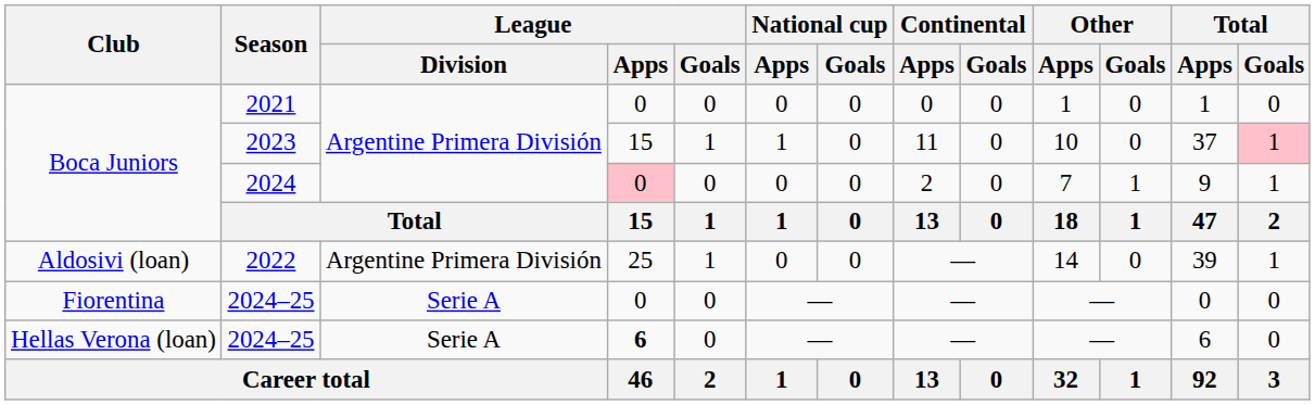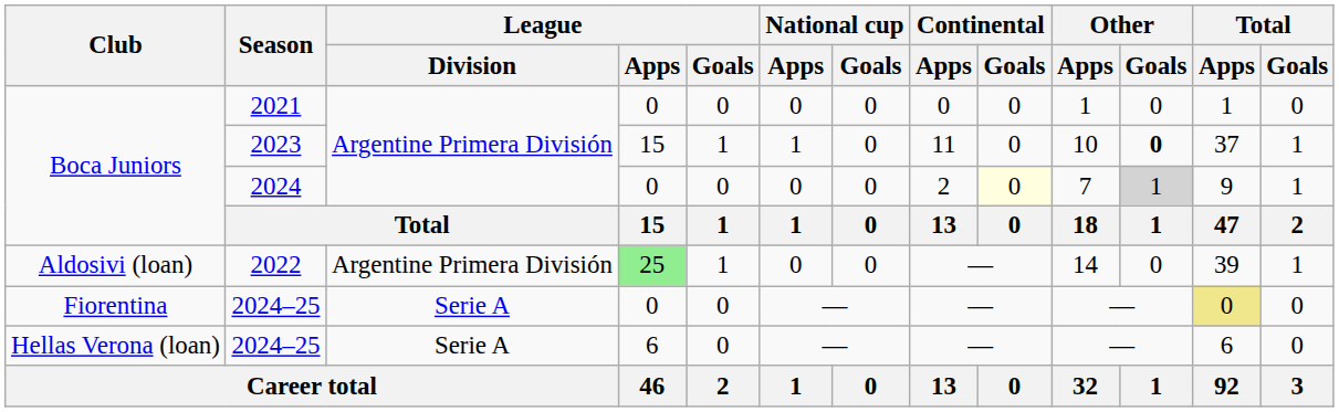 <table class="wikitable" style="text-align: center">
 <tr>
 <th rowspan="2">Club</th>
 <th rowspan="2">Season</th>
 <th colspan="3">League</th>
 <th colspan="2">National cup</th>
 <th colspan="2">Continental</th>
 <th colspan="2">Other</th>
 <th colspan="2">Total</th>
 </tr>
 <tr>
 <th>Division</th>
 <th>Apps</th>
 <th>Goals</th>
 <th>Apps</th>
 <th>Goals</th>
 <th>Apps</th>
 <th>Goals</th>
 <th>Apps</th>
 <th>Goals</th>
 <th>Apps</th>
 <th>Goals</th>
 </tr>
 <tr>
 <td rowspan="4"><a href='#'>Boca Juniors</a></td>
 <td><a href='#'>2021</a></td>
 <td rowspan="3"><a href='#'>Argentine Primera División</a></td>
 <td>0</td>
 <td>0</td>
 <td>0</td>
 <td>0</td>
 <td>0</td>
 <td>0</td>
 <td>1</td>
 <td>0</td>
 <td>1</td>
 <td>0</td>
 </tr>
 <tr>
 <td><a href='#'>2023</a></td>
 <td>15</td>
 <td>1</td>
 <td>1</td>
 <td>0</td>
 <td>11</td>
 <td>0</td>
 <td>10</td>
-<td>0</td>
+<td><strong>0</strong></td>
 <td>37</td>
-<td style="background: pink;">1</td>
+<td>1</td>
 </tr>
 <tr>
 <td><a href='#'>2024</a></td>
-<td style="background: pink;">0</td>
+<td>0</td>
 <td>0</td>
 <td>0</td>
 <td>0</td>
 <td>2</td>
-<td>0</td>
+<td style="background: lightyellow;">0</td>
 <td>7</td>
-<td>1</td>
+<td style="background: lightgrey;">1</td>
 <td>9</td>
 <td>1</td>
 </tr>
 <tr>
 <th colspan="2">Total</th>
 <th>15</th>
 <th>1</th>
 <th>1</th>
 <th>0</th>
 <th>13</th>
 <th>0</th>
 <th>18</th>
 <th>1</th>
 <th>47</th>
 <th>2</th>
 </tr>
 <tr>
 <td><a href='#'>Aldosivi</a> (loan)</td>
 <td><a href='#'>2022</a></td>
 <td>Argentine Primera División</td>
-<td>25</td>
+<td style="background: lightgreen;">25</td>
 <td>1</td>
 <td>0</td>
 <td>0</td>
 <td colspan="2">—</td>
 <td>14</td>
 <td>0</td>
 <td>39</td>
 <td>1</td>
 </tr>
 <tr>
 <td><a href='#'>Fiorentina</a></td>
 <td><a href='#'>2024–25</a></td>
 <td><a href='#'>Serie A</a></td>
 <td>0</td>
 <td>0</td>
 <td colspan="2">—</td>
 <td colspan="2">—</td>
 <td colspan="2">—</td>
-<td>0</td>
+<td style="background: khaki;">0</td>
 <td>0</td>
 </tr>
 <tr>
 <td><a href='#'>Hellas Verona</a> (loan)</td>
 <td><a href='#'>2024–25</a></td>
 <td>Serie A</td>
-<td><strong>6</strong></td>
+<td>6</td>
 <td>0</td>
 <td colspan="2">—</td>
 <td colspan="2">—</td>
 <td colspan="2">—</td>
 <td>6</td>
 <td>0</td>
 </tr>
 <tr>
 <th colspan="3">Career total</th>
 <th>46</th>
 <th>2</th>
 <th>1</th>
 <th>0</th>
 <th>13</th>
 <th>0</th>
 <th>32</th>
 <th>1</th>
 <th>92</th>
 <th>3</th>
 </tr>
 </table>
